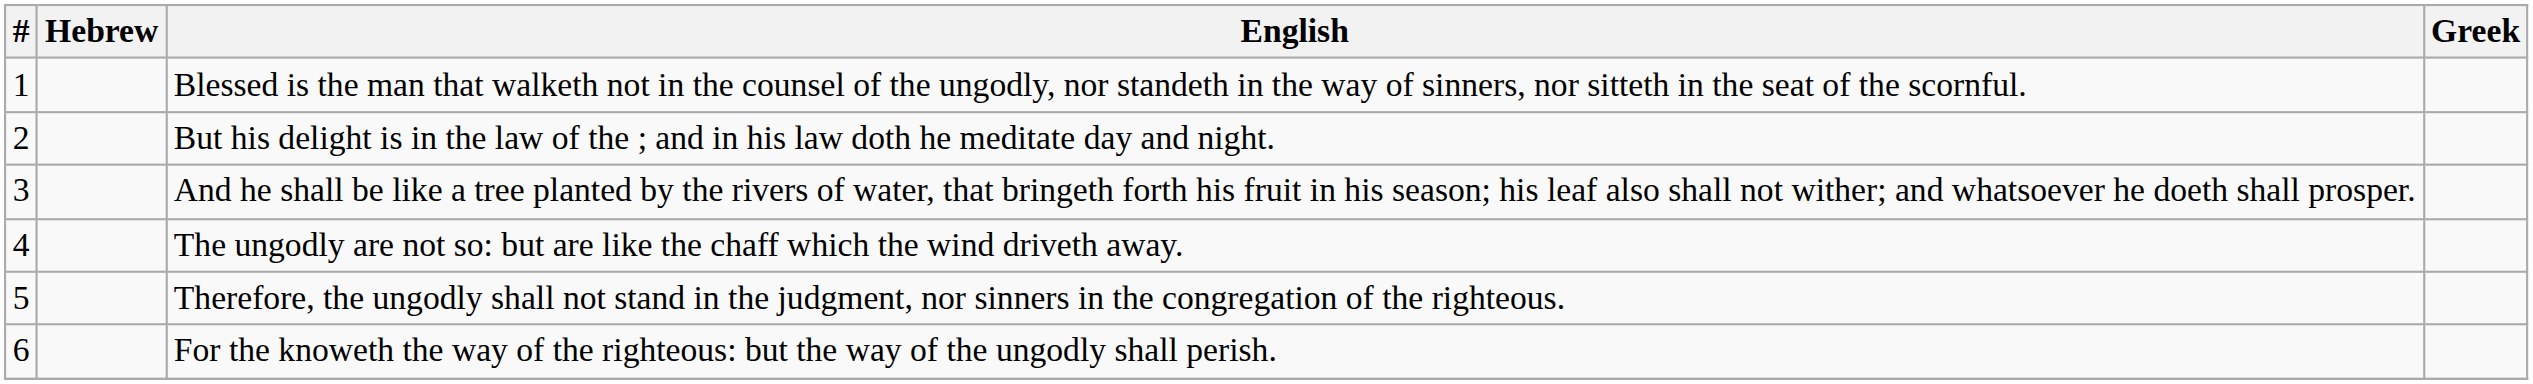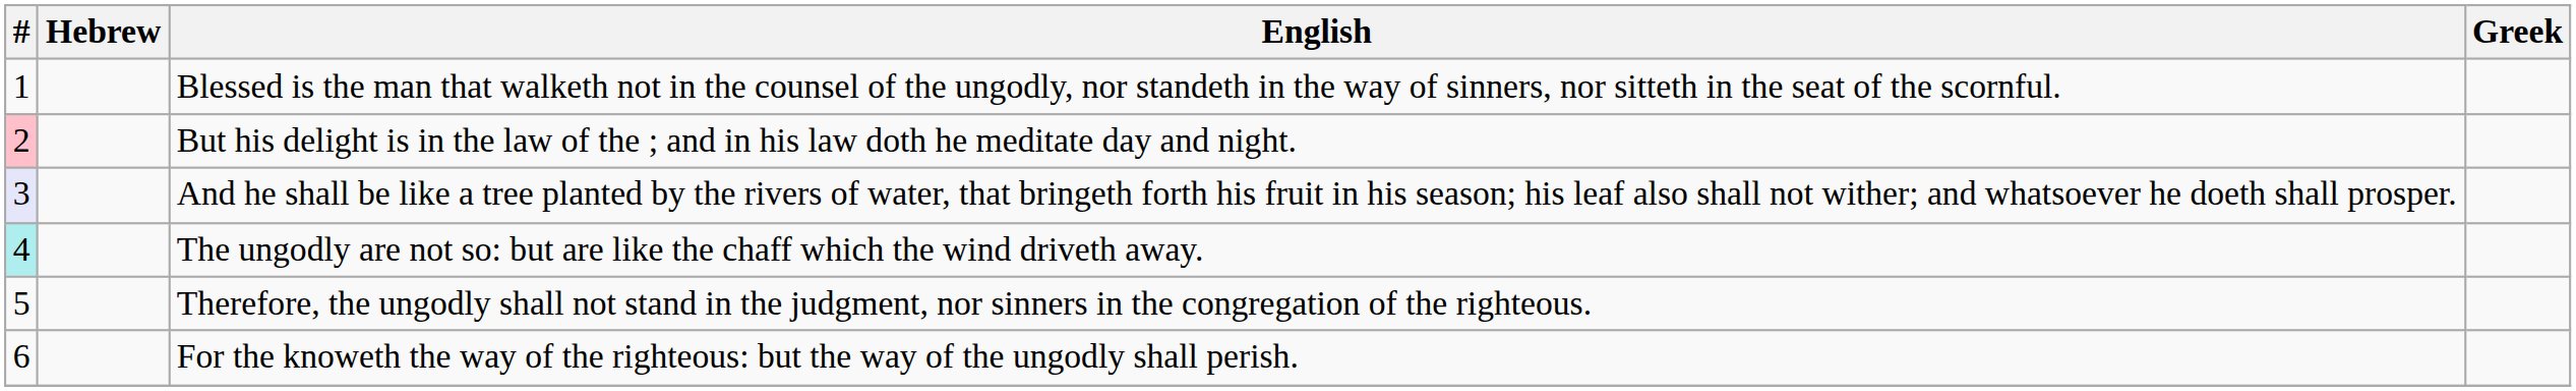 <table class=wikitable>
 <tr>
 <th>#</th>
 <th>Hebrew</th>
 <th>English</th>
 <th>Greek</th>
 </tr>
 <tr>
 <td style="text-align:right">1</td>
 <td style="text-align:right"></td>
 <td>Blessed is the man that walketh not in the counsel of the ungodly, nor standeth in the way of sinners, nor sitteth in the seat of the scornful.</td>
 <td></td>
 </tr>
 <tr>
-<td style="text-align:right">2</td>
+<td style="background: pink; text-align:right">2</td>
 <td style="text-align:right"></td>
 <td>But his delight is in the law of the ; and in his law doth he meditate day and night.</td>
 <td></td>
 </tr>
 <tr>
-<td style="text-align:right">3</td>
+<td style="background: lavender; text-align:right">3</td>
 <td style="text-align:right"></td>
 <td>And he shall be like a tree planted by the rivers of water, that bringeth forth his fruit in his season; his leaf also shall not wither; and whatsoever he doeth shall prosper.</td>
 <td></td>
 </tr>
 <tr>
-<td style="text-align:right">4</td>
+<td style="background: paleturquoise; text-align:right">4</td>
 <td style="text-align:right"></td>
 <td>The ungodly are not so: but are like the chaff which the wind driveth away.</td>
 <td></td>
 </tr>
 <tr>
 <td style="text-align:right">5</td>
 <td style="text-align:right"></td>
 <td>Therefore, the ungodly shall not stand in the judgment, nor sinners in the congregation of the righteous.</td>
 <td></td>
 </tr>
 <tr>
 <td style="text-align:right">6</td>
 <td style="text-align:right"></td>
 <td>For the  knoweth the way of the righteous: but the way of the ungodly shall perish.</td>
 <td></td>
 </tr>
 <tr>
 </tr>
 </table>
